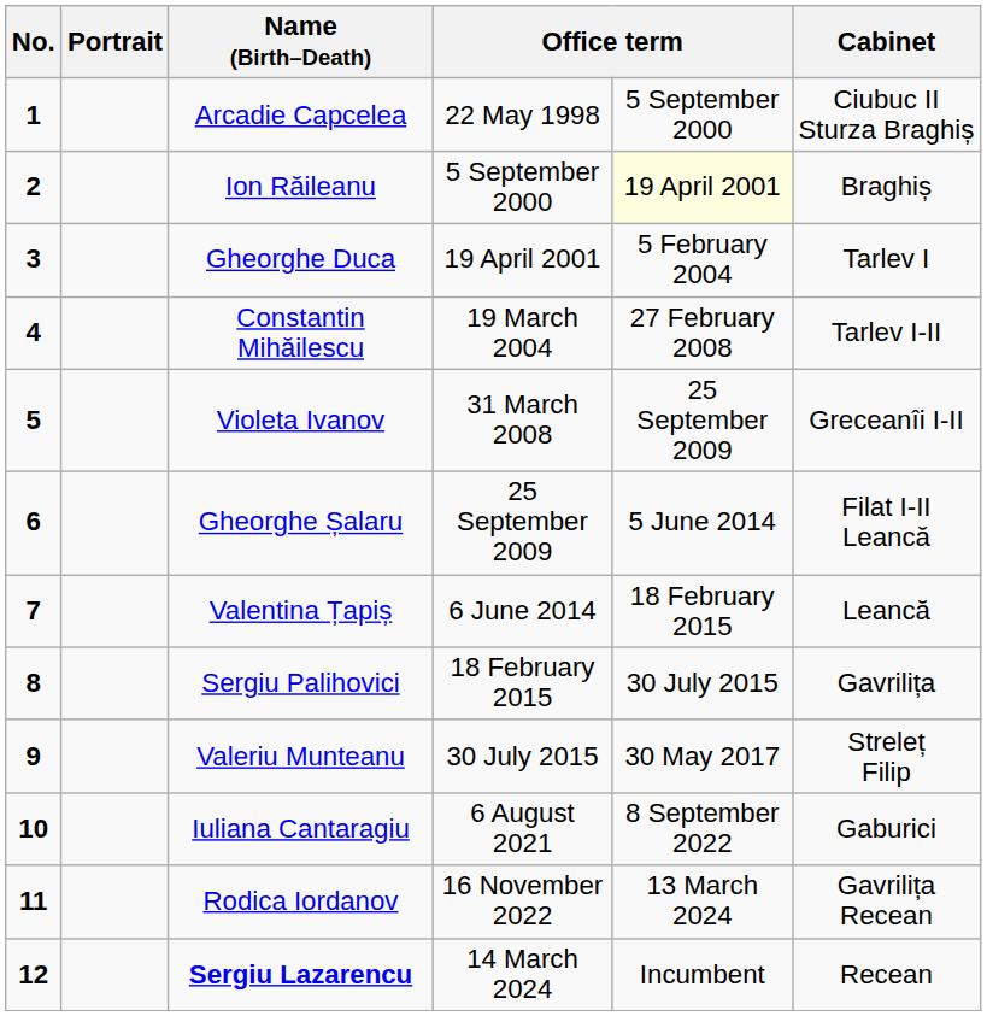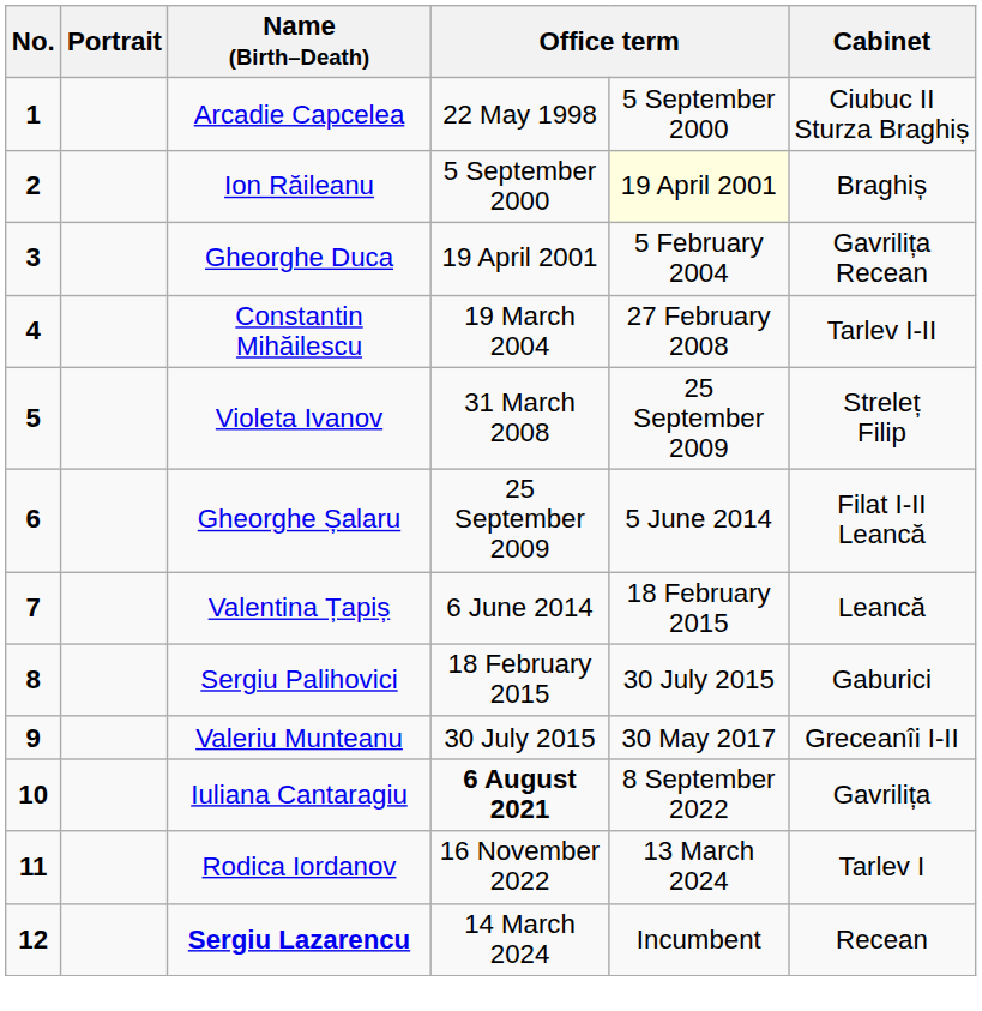 <table class="wikitable" style="text-align:center;">
 <tr>
 <th>No.</th>
 <th scope="col">Portrait</th>
 <th scope="col">Name<br><small>(Birth–Death)</small></th>
 <th colspan="2" scope="col">Office term</th>
 <th>Cabinet</th>
 </tr>
 <tr>
 <td><strong>1</strong></td>
 <td></td>
 <td width="150" style="text-align: center;"><a href='#'>Arcadie Capcelea</a><br></td>
 <td width="100" style="text-align: center;">22 May 1998</td>
 <td width="100" style="text-align: center;">5 September 2000</td>
 <td>Ciubuc II<br>Sturza Braghiș</td>
 </tr>
 <tr>
 <td><strong>2</strong></td>
 <td></td>
 <td width="150" style="text-align: center;"><a href='#'>Ion Răileanu</a><br></td>
 <td width="100" style="text-align: center;">5 September 2000</td>
 <td width="100" style="background: lightyellow; text-align: center;">19 April 2001</td>
 <td>Braghiș</td>
 </tr>
 <tr>
 <td><strong>3</strong></td>
 <td></td>
 <td width="150" style="text-align: center;"><a href='#'>Gheorghe Duca</a><br></td>
 <td width="100" style="text-align: center;">19 April 2001</td>
 <td width="100" style="text-align: center;">5 February 2004</td>
-<td>Tarlev I</td>
+<td>Gavrilița<br>Recean</td>
 </tr>
 <tr>
 <td><strong>4</strong></td>
 <td></td>
 <td width="150" style="text-align: center;"><a href='#'>Constantin Mihăilescu</a><br></td>
 <td width="100" style="text-align: center;">19 March 2004</td>
 <td width="100" style="text-align: center;">27 February 2008</td>
 <td>Tarlev I-II</td>
 </tr>
 <tr>
 <td><strong>5</strong></td>
 <td></td>
 <td width="150" style="text-align: center;"><a href='#'>Violeta Ivanov</a><br></td>
 <td width="100" style="text-align: center;">31 March 2008</td>
 <td width="100" style="text-align: center;">25 September 2009</td>
-<td>Greceanîi I-II</td>
+<td>Streleț<br>Filip</td>
 </tr>
 <tr>
 <td><strong>6</strong></td>
 <td></td>
 <td width="150" style="text-align: center;"><a href='#'>Gheorghe Șalaru</a><br></td>
 <td width="100" style="text-align: center;">25 September 2009</td>
 <td width="100" style="text-align: center;">5 June 2014</td>
 <td>Filat I-II<br>Leancă</td>
 </tr>
 <tr>
 <td><strong>7</strong></td>
 <td></td>
 <td width="150" style="text-align: center;"><a href='#'>Valentina Țapiș</a><br></td>
 <td width="100" style="text-align: center;">6 June 2014</td>
 <td width="100" style="text-align: center;">18 February 2015</td>
 <td>Leancă</td>
 </tr>
 <tr>
 <td><strong>8</strong></td>
 <td></td>
 <td width="150" style="text-align: center;"><a href='#'>Sergiu Palihovici</a><br></td>
 <td width="100" style="text-align: center;">18 February 2015</td>
 <td width="100" style="text-align: center;">30 July 2015</td>
-<td>Gavrilița</td>
+<td>Gaburici</td>
 </tr>
 <tr>
 <td><strong>9</strong></td>
 <td></td>
 <td width="150" style="text-align: center;"><a href='#'>Valeriu Munteanu</a><br></td>
 <td width="100" style="text-align: center;">30 July 2015</td>
 <td width="100" style="text-align: center;">30 May 2017</td>
-<td>Streleț<br>Filip</td>
+<td>Greceanîi I-II</td>
 </tr>
 <tr>
 <td><strong>10</strong></td>
 <td></td>
 <td width="150" style="text-align: center;"><a href='#'>Iuliana Cantaragiu</a><br></td>
-<td width="100" style="text-align: center;">6 August 2021</td>
+<td width="100" style="text-align: center;"><strong>6 August 2021</strong></td>
 <td width="100" style="text-align: center;">8 September 2022</td>
-<td>Gaburici</td>
+<td>Gavrilița</td>
 </tr>
 <tr>
 <td><strong>11</strong></td>
 <td></td>
 <td width="150" style="text-align: center;"><a href='#'>Rodica Iordanov</a><br></td>
 <td width="100" style="text-align: center;">16 November 2022</td>
 <td width="100" style="text-align: center;">13 March 2024</td>
-<td>Gavrilița<br>Recean</td>
+<td>Tarlev I</td>
 </tr>
 <tr>
 <td><strong>12</strong></td>
 <td></td>
 <td><strong><a href='#'>Sergiu Lazarencu</a></strong><br></td>
 <td>14 March 2024</td>
 <td>Incumbent</td>
 <td>Recean</td>
 </tr>
 </table>
